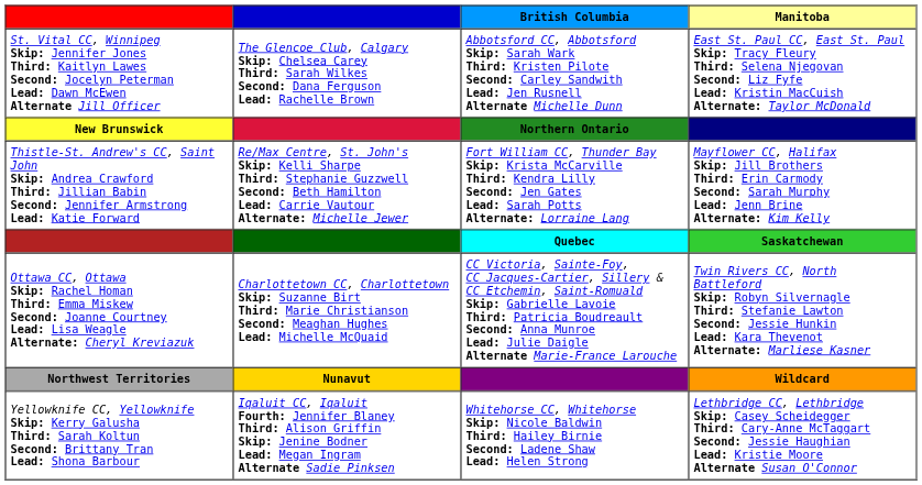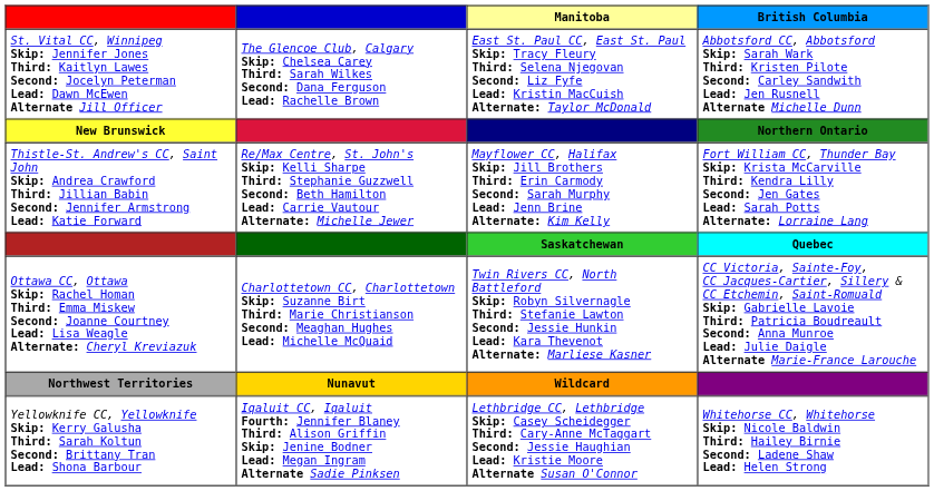 <table border=1 cellpadding=5 cellspacing=0>
 <tr>
 <th bgcolor="#FF0000" width="250"> </th>
 <th bgcolor="#0000CD" width="250"> </th>
+<th bgcolor="#FFFF99" width="250"> Manitoba</th>
 <th bgcolor="#0099FF" width="250"> British Columbia</th>
-<th bgcolor="#FFFF99" width="250"> Manitoba</th>
 </tr>
 <tr>
 <td><em><a href='#'>St. Vital CC</a>, <a href='#'>Winnipeg</a></em><br><strong>Skip:</strong> <a href='#'>Jennifer Jones</a><br> <strong>Third:</strong> <a href='#'>Kaitlyn Lawes</a><br> <strong>Second:</strong> <a href='#'>Jocelyn Peterman</a><br> <strong>Lead:</strong> <a href='#'>Dawn McEwen</a><br> <strong>Alternate</strong> <em><a href='#'>Jill Officer</a></em></td>
 <td><em><a href='#'>The Glencoe Club</a>, <a href='#'>Calgary</a></em><br><strong>Skip:</strong> <a href='#'>Chelsea Carey</a><br> <strong>Third:</strong> <a href='#'>Sarah Wilkes</a><br> <strong>Second:</strong> <a href='#'>Dana Ferguson</a><br> <strong>Lead:</strong> <a href='#'>Rachelle Brown</a></td>
+<td><em><a href='#'>East St. Paul CC</a>, <a href='#'>East St. Paul</a></em><br><strong>Skip:</strong> <a href='#'>Tracy Fleury</a><br> <strong>Third:</strong> <a href='#'>Selena Njegovan</a><br> <strong>Second:</strong> <a href='#'>Liz Fyfe</a><br> <strong>Lead:</strong> <a href='#'>Kristin MacCuish</a><br> <strong>Alternate:</strong> <em><a href='#'>Taylor McDonald</a></em></td>
 <td><em><a href='#'>Abbotsford CC</a>, <a href='#'>Abbotsford</a></em><br><strong>Skip:</strong> <a href='#'>Sarah Wark</a><br> <strong>Third:</strong> <a href='#'>Kristen Pilote</a><br> <strong>Second:</strong> <a href='#'>Carley Sandwith</a><br> <strong>Lead:</strong> <a href='#'>Jen Rusnell</a><br> <strong>Alternate</strong> <em><a href='#'>Michelle Dunn</a></em></td>
-<td><em><a href='#'>East St. Paul CC</a>, <a href='#'>East St. Paul</a></em><br><strong>Skip:</strong> <a href='#'>Tracy Fleury</a><br> <strong>Third:</strong> <a href='#'>Selena Njegovan</a><br> <strong>Second:</strong> <a href='#'>Liz Fyfe</a><br> <strong>Lead:</strong> <a href='#'>Kristin MacCuish</a><br> <strong>Alternate:</strong> <em><a href='#'>Taylor McDonald</a></em></td>
 </tr>
 <tr border=1 cellpadding=5 cellspacing=0>
 <th bgcolor="#FFFF33" width="250"> New Brunswick</th>
 <th bgcolor="#DC143C" width="250"> </th>
+<th bgcolor="#000080" width="250"> </th>
 <th bgcolor="#228B22" width="250"> Northern Ontario</th>
-<th bgcolor="#000080" width="250"> </th>
 </tr>
 <tr>
 <td><em><a href='#'>Thistle-St. Andrew's CC</a>, <a href='#'>Saint John</a></em><br><strong>Skip:</strong> <a href='#'>Andrea Crawford</a><br> <strong>Third:</strong> <a href='#'>Jillian Babin</a><br> <strong>Second:</strong> <a href='#'>Jennifer Armstrong</a><br> <strong>Lead:</strong> <a href='#'>Katie Forward</a></td>
 <td><em><a href='#'>Re/Max Centre</a>, <a href='#'>St. John's</a></em><br><strong>Skip:</strong> <a href='#'>Kelli Sharpe</a><br> <strong>Third:</strong> <a href='#'>Stephanie Guzzwell</a><br> <strong>Second:</strong> <a href='#'>Beth Hamilton</a><br> <strong>Lead:</strong> <a href='#'>Carrie Vautour</a><br> <strong>Alternate:</strong> <em><a href='#'>Michelle Jewer</a></em></td>
+<td><em><a href='#'>Mayflower CC</a>, <a href='#'>Halifax</a></em><br><strong>Skip:</strong> <a href='#'>Jill Brothers</a><br> <strong>Third:</strong> <a href='#'>Erin Carmody</a><br> <strong>Second:</strong> <a href='#'>Sarah Murphy</a><br> <strong>Lead:</strong> <a href='#'>Jenn Brine</a><br> <strong>Alternate:</strong> <em><a href='#'>Kim Kelly</a></em></td>
 <td><em><a href='#'>Fort William CC</a>, <a href='#'>Thunder Bay</a></em><br><strong>Skip:</strong> <a href='#'>Krista McCarville</a><br> <strong>Third:</strong> <a href='#'>Kendra Lilly</a><br> <strong>Second:</strong> <a href='#'>Jen Gates</a><br> <strong>Lead:</strong> <a href='#'>Sarah Potts</a><br> <strong>Alternate:</strong> <em><a href='#'>Lorraine Lang</a></em></td>
-<td><em><a href='#'>Mayflower CC</a>, <a href='#'>Halifax</a></em><br><strong>Skip:</strong> <a href='#'>Jill Brothers</a><br> <strong>Third:</strong> <a href='#'>Erin Carmody</a><br> <strong>Second:</strong> <a href='#'>Sarah Murphy</a><br> <strong>Lead:</strong> <a href='#'>Jenn Brine</a><br> <strong>Alternate:</strong> <em><a href='#'>Kim Kelly</a></em></td>
 </tr>
 <tr border=1 cellpadding=5 cellspacing=0>
 <th bgcolor="#B22222" width="250"> </th>
 <th bgcolor="#006400" width="250"> </th>
+<th bgcolor="#32CD32" width="250"> Saskatchewan</th>
 <th bgcolor="#00FFFF" width="250"> Quebec</th>
-<th bgcolor="#32CD32" width="250"> Saskatchewan</th>
 </tr>
 <tr>
 <td><em><a href='#'>Ottawa CC</a>, <a href='#'>Ottawa</a></em><br><strong>Skip:</strong> <a href='#'>Rachel Homan</a><br> <strong>Third:</strong> <a href='#'>Emma Miskew</a><br> <strong>Second:</strong> <a href='#'>Joanne Courtney</a><br> <strong>Lead:</strong> <a href='#'>Lisa Weagle</a><br> <strong>Alternate:</strong> <em><a href='#'>Cheryl Kreviazuk</a></em></td>
 <td><em><a href='#'>Charlottetown CC</a>, <a href='#'>Charlottetown</a></em><br><strong>Skip:</strong> <a href='#'>Suzanne Birt</a><br> <strong>Third:</strong> <a href='#'>Marie Christianson</a><br> <strong>Second:</strong> <a href='#'>Meaghan Hughes</a><br> <strong>Lead:</strong> <a href='#'>Michelle McQuaid</a></td>
+<td><em><a href='#'>Twin Rivers CC</a>, <a href='#'>North Battleford</a></em><br><strong>Skip:</strong> <a href='#'>Robyn Silvernagle</a><br> <strong>Third:</strong> <a href='#'>Stefanie Lawton</a><br> <strong>Second:</strong> <a href='#'>Jessie Hunkin</a><br> <strong>Lead:</strong> <a href='#'>Kara Thevenot</a><br> <strong>Alternate:</strong> <em><a href='#'>Marliese Kasner</a></em></td>
 <td><em><a href='#'>CC Victoria</a>, <a href='#'>Sainte-Foy</a>,<br><a href='#'>CC Jacques-Cartier</a>, <a href='#'>Sillery</a> &<br><a href='#'>CC Etchemin</a>, <a href='#'>Saint-Romuald</a></em><br><strong>Skip:</strong> <a href='#'>Gabrielle Lavoie</a><br> <strong>Third:</strong> <a href='#'>Patricia Boudreault</a><br> <strong>Second:</strong> <a href='#'>Anna Munroe</a><br> <strong>Lead:</strong> <a href='#'>Julie Daigle</a><br> <strong>Alternate</strong> <em><a href='#'>Marie-France Larouche</a></em></td>
-<td><em><a href='#'>Twin Rivers CC</a>, <a href='#'>North Battleford</a></em><br><strong>Skip:</strong> <a href='#'>Robyn Silvernagle</a><br> <strong>Third:</strong> <a href='#'>Stefanie Lawton</a><br> <strong>Second:</strong> <a href='#'>Jessie Hunkin</a><br> <strong>Lead:</strong> <a href='#'>Kara Thevenot</a><br> <strong>Alternate:</strong> <em><a href='#'>Marliese Kasner</a></em></td>
 </tr>
 <tr border=1 cellpadding=5 cellspacing=0>
 <th bgcolor="#A9A9A9" width="250"> Northwest Territories</th>
 <th bgcolor="#FFDD500" width="250"> Nunavut</th>
+<th bgcolor="#FF9900" width="250"> Wildcard</th>
 <th bgcolor="#800080" width="250"> </th>
-<th bgcolor="#FF9900" width="250"> Wildcard</th>
 </tr>
 <tr>
 <td><em>Yellowknife CC, <a href='#'>Yellowknife</a></em><br><strong>Skip:</strong> <a href='#'>Kerry Galusha</a><br> <strong>Third:</strong> <a href='#'>Sarah Koltun</a><br> <strong>Second:</strong> <a href='#'>Brittany Tran</a><br> <strong>Lead:</strong> <a href='#'>Shona Barbour</a></td>
 <td><em><a href='#'>Iqaluit CC</a>, <a href='#'>Iqaluit</a></em><br><strong>Fourth:</strong> <a href='#'>Jennifer Blaney</a><br> <strong>Third:</strong> <a href='#'>Alison Griffin</a><br> <strong>Skip:</strong> <a href='#'>Jenine Bodner</a><br> <strong>Lead:</strong> <a href='#'>Megan Ingram</a><br> <strong>Alternate</strong> <em><a href='#'>Sadie Pinksen</a></em></td>
+<td><em><a href='#'>Lethbridge CC</a>, <a href='#'>Lethbridge</a></em><br><strong>Skip:</strong> <a href='#'>Casey Scheidegger</a><br> <strong>Third:</strong> <a href='#'>Cary-Anne McTaggart</a><br> <strong>Second:</strong> <a href='#'>Jessie Haughian</a><br> <strong>Lead:</strong> <a href='#'>Kristie Moore</a><br> <strong>Alternate</strong> <em><a href='#'>Susan O'Connor</a></em></td>
 <td><em><a href='#'>Whitehorse CC</a>, <a href='#'>Whitehorse</a></em><br><strong>Skip:</strong> <a href='#'>Nicole Baldwin</a><br> <strong>Third:</strong> <a href='#'>Hailey Birnie</a><br> <strong>Second:</strong> <a href='#'>Ladene Shaw</a><br> <strong>Lead:</strong> <a href='#'>Helen Strong</a></td>
-<td><em><a href='#'>Lethbridge CC</a>, <a href='#'>Lethbridge</a></em><br><strong>Skip:</strong> <a href='#'>Casey Scheidegger</a><br> <strong>Third:</strong> <a href='#'>Cary-Anne McTaggart</a><br> <strong>Second:</strong> <a href='#'>Jessie Haughian</a><br> <strong>Lead:</strong> <a href='#'>Kristie Moore</a><br> <strong>Alternate</strong> <em><a href='#'>Susan O'Connor</a></em></td>
 </tr>
 </table>
